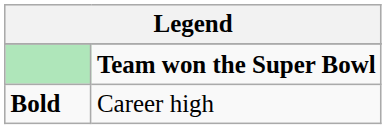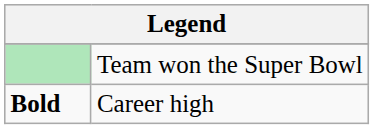 <table class="wikitable mw-collapsible mw-collapsed">
 <tr>
 <th colspan="2">Legend</th>
 </tr>
 <tr>
 </tr>
 <tr>
 <td style="background:#afe6ba; width:3em;"></td>
-<td><strong>Team won the Super Bowl</strong></td>
+<td>Team won the Super Bowl</td>
 </tr>
 <tr>
 <td><strong>Bold</strong></td>
 <td>Career high</td>
 </tr>
 </table>
